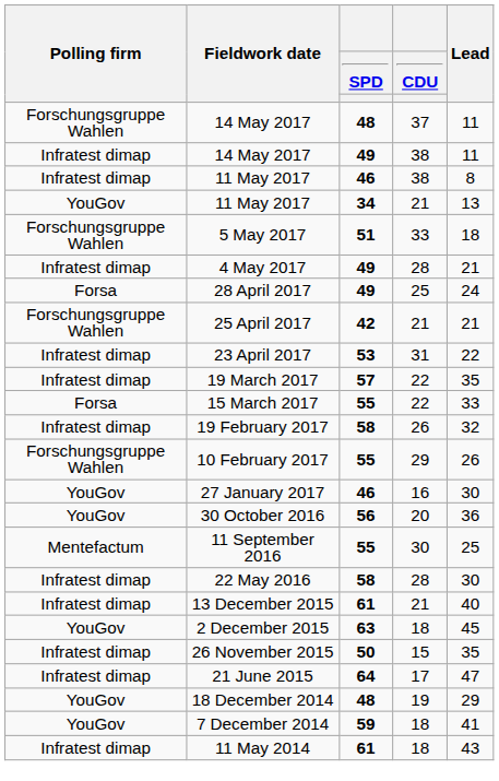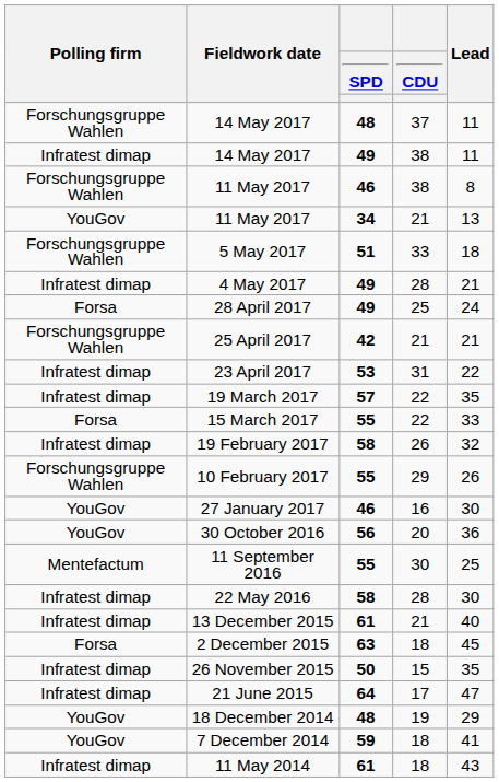 <table class="wikitable sortable" style="text-align:center;font-size:90%;line-height:14px;">
 <tr style="height:40px;">
 <th style="width:150px;" rowspan="3">Polling firm</th>
 <th style="width:125px;" rowspan="3">Fieldwork date</th>
 <th class="unsortable" style="width:40px;"></th>
 <th class="unsortable" style="width:40px;"></th>
 <th style="width:30px;" rowspan="3">Lead</th>
 </tr>
 <tr>
 <th class="unsortable" style="width:40px;"><hr><a href='#'>SPD</a></th>
 <th class="unsortable" style="width:40px;"><hr><a href='#'>CDU</a></th>
 </tr>
 <tr>
 <th style="background:"></th>
 <th style="background:"></th>
 </tr>
 <tr>
 <td>Forschungsgruppe Wahlen</td>
 <td data-sort-value="2017-05-14">14 May 2017</td>
 <td><strong>48</strong></td>
 <td>37</td>
 <td style="background:">11</td>
 </tr>
 <tr>
 <td>Infratest dimap</td>
 <td data-sort-value="2017-05-14">14 May 2017</td>
 <td><strong>49</strong></td>
 <td>38</td>
 <td style="background:">11</td>
 </tr>
 <tr>
-<td>Infratest dimap</td>
+<td>Forschungsgruppe Wahlen</td>
 <td data-sort-value="2017-05-11">11 May 2017</td>
 <td><strong>46</strong></td>
 <td>38</td>
 <td style="background:">8</td>
 </tr>
 <tr>
 <td>YouGov</td>
 <td data-sort-value="2017-05-11">11 May 2017</td>
 <td><strong>34</strong></td>
 <td>21</td>
 <td style="background:">13</td>
 </tr>
 <tr>
 <td>Forschungsgruppe Wahlen</td>
 <td data-sort-value="2017-05-05">5 May 2017</td>
 <td><strong>51</strong></td>
 <td>33</td>
 <td style="background:">18</td>
 </tr>
 <tr>
 <td>Infratest dimap</td>
 <td data-sort-value="2017-05-04">4 May 2017</td>
 <td><strong>49</strong></td>
 <td>28</td>
 <td style="background:">21</td>
 </tr>
 <tr>
 <td>Forsa</td>
 <td data-sort-value="2017-04-28">28 April 2017</td>
 <td><strong>49</strong></td>
 <td>25</td>
 <td style="background:">24</td>
 </tr>
 <tr>
 <td>Forschungsgruppe Wahlen</td>
 <td data-sort-value="2017-04-25">25 April 2017</td>
 <td><strong>42</strong></td>
 <td>21</td>
 <td style="background:">21</td>
 </tr>
 <tr>
 <td>Infratest dimap</td>
 <td data-sort-value="2017-04-23">23 April 2017</td>
 <td><strong>53</strong></td>
 <td>31</td>
 <td style="background:">22</td>
 </tr>
 <tr>
 <td>Infratest dimap</td>
 <td data-sort-value="2017-03-19">19 March 2017</td>
 <td><strong>57</strong></td>
 <td>22</td>
 <td style="background:">35</td>
 </tr>
 <tr>
 <td>Forsa</td>
 <td data-sort-value="2017-03-15">15 March 2017</td>
 <td><strong>55</strong></td>
 <td>22</td>
 <td style="background:">33</td>
 </tr>
 <tr>
 <td>Infratest dimap</td>
 <td data-sort-value="2017-02-19">19 February 2017</td>
 <td><strong>58</strong></td>
 <td>26</td>
 <td style="background:">32</td>
 </tr>
 <tr>
 <td>Forschungsgruppe Wahlen</td>
 <td data-sort-value="2017-02-10">10 February 2017</td>
 <td><strong>55</strong></td>
 <td>29</td>
 <td style="background:">26</td>
 </tr>
 <tr>
 <td>YouGov</td>
 <td data-sort-value="2017-01-27">27 January 2017</td>
 <td><strong>46</strong></td>
 <td>16</td>
 <td style="background:">30</td>
 </tr>
 <tr>
 <td>YouGov</td>
 <td data-sort-value="2016-10-30">30 October 2016</td>
 <td><strong>56</strong></td>
 <td>20</td>
 <td style="background:">36</td>
 </tr>
 <tr>
 <td>Mentefactum</td>
 <td data-sort-value="2016-09-11">11 September 2016</td>
 <td><strong>55</strong></td>
 <td>30</td>
 <td style="background:">25</td>
 </tr>
 <tr>
 <td>Infratest dimap</td>
 <td data-sort-value="2016-05-22">22 May 2016</td>
 <td><strong>58</strong></td>
 <td>28</td>
 <td style="background:">30</td>
 </tr>
 <tr>
 <td>Infratest dimap</td>
 <td data-sort-value="2015-12-13">13 December 2015</td>
 <td><strong>61</strong></td>
 <td>21</td>
 <td style="background:">40</td>
 </tr>
 <tr>
-<td>YouGov</td>
+<td>Forsa</td>
 <td data-sort-value="2015-12-02">2 December 2015</td>
 <td><strong>63</strong></td>
 <td>18</td>
 <td style="background:">45</td>
 </tr>
 <tr>
 <td>Infratest dimap</td>
 <td data-sort-value="2015-11-26">26 November 2015</td>
 <td><strong>50</strong></td>
 <td>15</td>
 <td style="background:">35</td>
 </tr>
 <tr>
 <td>Infratest dimap</td>
 <td data-sort-value="2015-06-21">21 June 2015</td>
 <td><strong>64</strong></td>
 <td>17</td>
 <td style="background:">47</td>
 </tr>
 <tr>
 <td>YouGov</td>
 <td data-sort-value="2014-12-18">18 December 2014</td>
 <td><strong>48</strong></td>
 <td>19</td>
 <td style="background:">29</td>
 </tr>
 <tr>
 <td>YouGov</td>
 <td data-sort-value="2014-12-07">7 December 2014</td>
 <td><strong>59</strong></td>
 <td>18</td>
 <td style="background:">41</td>
 </tr>
 <tr>
 <td>Infratest dimap</td>
 <td data-sort-value="2014-05-11">11 May 2014</td>
 <td><strong>61</strong></td>
 <td>18</td>
 <td style="background:">43</td>
 </tr>
 </table>
